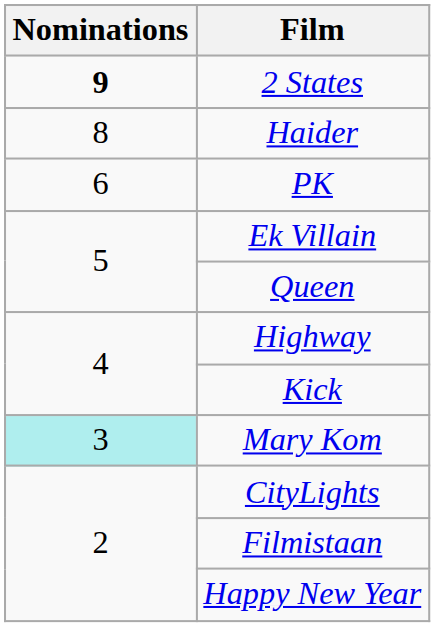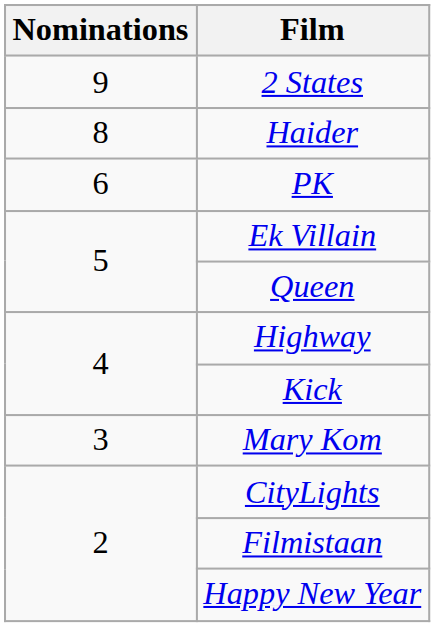 <table class="wikitable plainrowheaders" style="text-align:center;">
 <tr>
 <th scope="col" style="width:55px;">Nominations</th>
 <th scope="col" style="text-align:center;">Film</th>
 </tr>
 <tr>
-<td scope="row" style="text-align:center"><strong>9</strong></td>
+<td scope="row" style="text-align:center">9</td>
 <td><a href='#'><em>2 States</em></a></td>
 </tr>
 <tr>
 <td scope="row" style="text-align:center">8</td>
 <td><em><a href='#'>Haider</a></em></td>
 </tr>
 <tr>
 <td>6</td>
 <td><a href='#'><em>PK</em></a></td>
 </tr>
 <tr>
 <td rowspan="2">5</td>
 <td><em><a href='#'>Ek Villain</a></em></td>
 </tr>
 <tr>
 <td><a href='#'><em>Queen</em></a></td>
 </tr>
 <tr>
 <td rowspan="2" scope="row" style="text-align:center;">4</td>
 <td><a href='#'><em>Highway</em></a></td>
 </tr>
 <tr>
 <td><a href='#'><em>Kick</em></a></td>
 </tr>
 <tr>
-<td style="background: paleturquoise;">3</td>
+<td>3</td>
 <td><a href='#'><em>Mary Kom</em></a></td>
 </tr>
 <tr>
 <td rowspan="3">2</td>
 <td><a href='#'><em>CityLights</em></a></td>
 </tr>
 <tr>
 <td><em><a href='#'>Filmistaan</a></em></td>
 </tr>
 <tr>
 <td><a href='#'><em>Happy New Year</em></a></td>
 </tr>
 </table>
